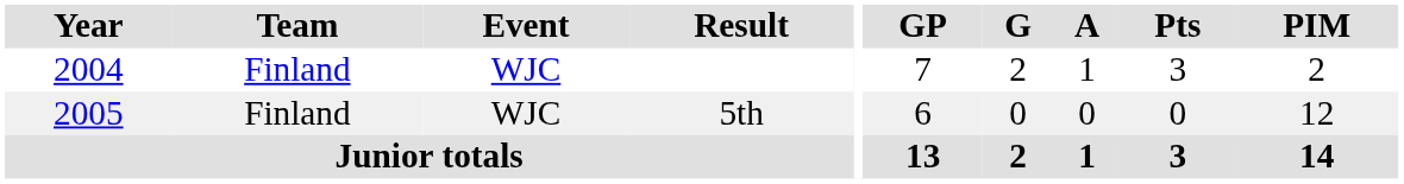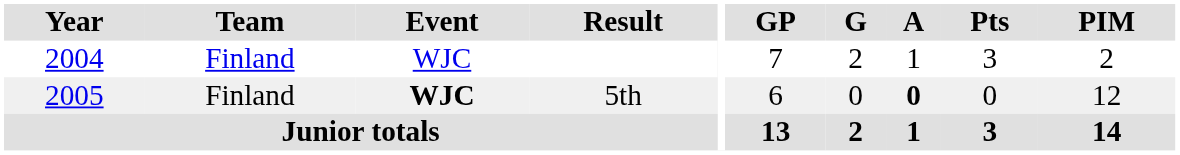 <table border="0" cellpadding="1" cellspacing="0" ID="Table3" style="text-align:center; width:40em">
 <tr ALIGN="center" bgcolor="#e0e0e0">
 <th>Year</th>
 <th>Team</th>
 <th>Event</th>
 <th>Result</th>
 <th rowspan="99" bgcolor="#ffffff"></th>
 <th>GP</th>
 <th>G</th>
 <th>A</th>
 <th>Pts</th>
 <th>PIM</th>
 </tr>
 <tr>
 <td><a href='#'>2004</a></td>
 <td><a href='#'>Finland</a></td>
 <td><a href='#'>WJC</a></td>
 <td></td>
 <td>7</td>
 <td>2</td>
 <td>1</td>
 <td>3</td>
 <td>2</td>
 </tr>
 <tr bgcolor="#f0f0f0">
 <td><a href='#'>2005</a></td>
 <td>Finland</td>
-<td>WJC</td>
+<td><strong>WJC</strong></td>
 <td>5th</td>
 <td>6</td>
 <td>0</td>
-<td>0</td>
+<td><strong>0</strong></td>
 <td>0</td>
 <td>12</td>
 </tr>
 <tr bgcolor="#e0e0e0">
 <th colspan="4">Junior totals</th>
 <th>13</th>
 <th>2</th>
 <th>1</th>
 <th>3</th>
 <th>14</th>
 </tr>
 </table>
